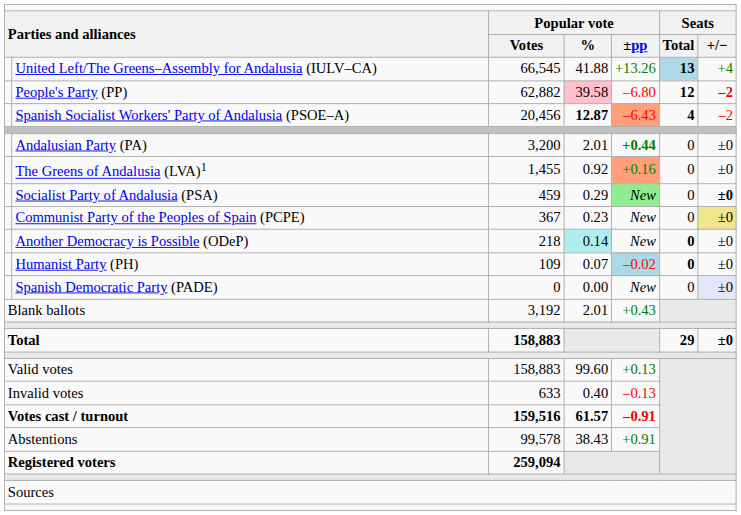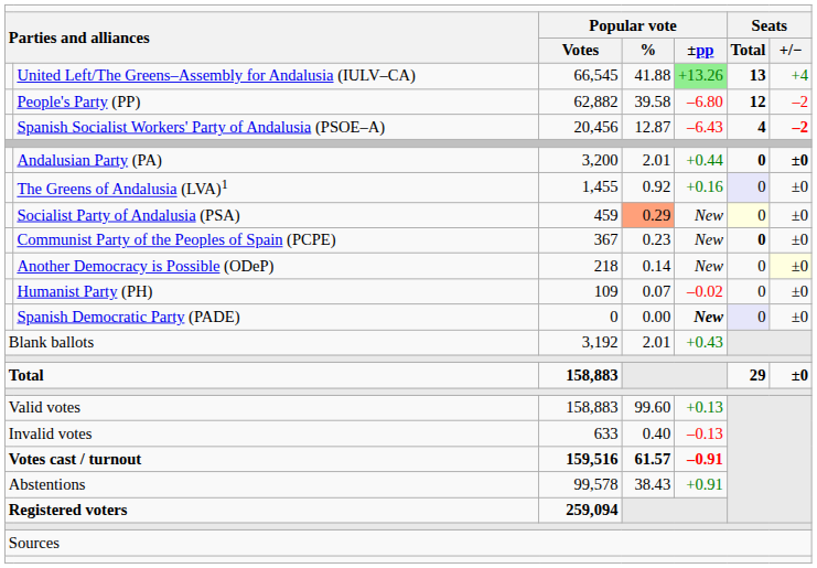 <table class="wikitable" style="text-align:right;">
 <tr>
 <td colspan="7"></td>
 </tr>
 <tr>
 <th style="text-align:left;" rowspan="2" colspan="2" width="525">Parties and alliances</th>
 <th colspan="3">Popular vote</th>
 <th colspan="2">Seats</th>
 </tr>
 <tr>
 <th width="75">Votes</th>
 <th width="45">%</th>
 <th width="45">±<a href='#'>pp</a></th>
 <th width="35">Total</th>
 <th width="35">+/−</th>
 </tr>
 <tr>
 <td width="1" style="color:inherit;background:"></td>
 <td align="left"><a href='#'>United Left/The Greens–Assembly for Andalusia</a> (IULV–CA)</td>
 <td>66,545</td>
 <td>41.88</td>
-<td style="color:green;">+13.26</td>
-<td style="background: lightblue;"><strong>13</strong></td>
+<td style="background: lightgreen; color:green;">+13.26</td>
+<td><strong>13</strong></td>
 <td style="color:green;">+4</td>
 </tr>
 <tr>
 <td style="color:inherit;background:"></td>
 <td align="left"><a href='#'>People's Party</a> (PP)</td>
 <td>62,882</td>
-<td style="background: pink;">39.58</td>
+<td>39.58</td>
 <td style="color:red;">–6.80</td>
 <td><strong>12</strong></td>
-<td style="color:red;"><strong>–2</strong></td>
+<td style="color:red;">–2</td>
 </tr>
 <tr>
 <td style="color:inherit;background:"></td>
 <td align="left"><a href='#'>Spanish Socialist Workers' Party of Andalusia</a> (PSOE–A)</td>
 <td>20,456</td>
-<td><strong>12.87</strong></td>
-<td style="background: lightsalmon; color:red;">–6.43</td>
+<td>12.87</td>
+<td style="color:red;">–6.43</td>
 <td><strong>4</strong></td>
-<td style="color:red;">–2</td>
+<td style="color:red;"><strong>–2</strong></td>
 </tr>
 <tr>
 <td colspan="7" bgcolor="#C0C0C0"></td>
 </tr>
 <tr>
 <td style="color:inherit;background:"></td>
 <td align="left"><a href='#'>Andalusian Party</a> (PA)</td>
 <td>3,200</td>
 <td>2.01</td>
-<td style="color:green;"><strong>+0.44</strong></td>
-<td>0</td>
-<td>±0</td>
+<td style="color:green;">+0.44</td>
+<td><strong>0</strong></td>
+<td><strong>±0</strong></td>
 </tr>
 <tr>
 <td style="color:inherit;background:"></td>
 <td align="left"><a href='#'>The Greens of Andalusia</a> (LVA)<sup>1</sup></td>
 <td>1,455</td>
 <td>0.92</td>
-<td style="background: lightsalmon; color:green;">+0.16</td>
-<td>0</td>
+<td style="color:green;">+0.16</td>
+<td style="background: lavender;">0</td>
 <td>±0</td>
 </tr>
 <tr>
 <td style="color:inherit;background:"></td>
 <td align="left"><a href='#'>Socialist Party of Andalusia</a> (PSA)</td>
 <td>459</td>
-<td>0.29</td>
-<td style="background: lightgreen;"><em>New</em></td>
-<td>0</td>
-<td><strong>±0</strong></td>
+<td style="background: lightsalmon;">0.29</td>
+<td><em>New</em></td>
+<td style="background: lightyellow;">0</td>
+<td>±0</td>
 </tr>
 <tr>
 <td style="color:inherit;background:"></td>
 <td align="left"><a href='#'>Communist Party of the Peoples of Spain</a> (PCPE)</td>
 <td>367</td>
 <td>0.23</td>
 <td><em>New</em></td>
-<td>0</td>
-<td style="background: khaki;">±0</td>
+<td><strong>0</strong></td>
+<td>±0</td>
 </tr>
 <tr>
 <td style="color:inherit;background:"></td>
 <td align="left"><a href='#'>Another Democracy is Possible</a> (ODeP)</td>
 <td>218</td>
-<td style="background: paleturquoise;">0.14</td>
+<td>0.14</td>
 <td><em>New</em></td>
-<td><strong>0</strong></td>
-<td>±0</td>
+<td>0</td>
+<td style="background: lightyellow;">±0</td>
 </tr>
 <tr>
 <td style="color:inherit;background:"></td>
 <td align="left"><a href='#'>Humanist Party</a> (PH)</td>
 <td>109</td>
 <td>0.07</td>
-<td style="background: lightblue; color:red;">–0.02</td>
-<td><strong>0</strong></td>
+<td style="color:red;">–0.02</td>
+<td>0</td>
 <td>±0</td>
 </tr>
 <tr>
 <td style="color:inherit;background:"></td>
 <td align="left"><a href='#'>Spanish Democratic Party</a> (PADE)</td>
 <td>0</td>
 <td>0.00</td>
-<td><em>New</em></td>
-<td>0</td>
-<td style="background: lavender;">±0</td>
+<td><strong><em>New</em></strong></td>
+<td style="background: lavender;">0</td>
+<td>±0</td>
 </tr>
 <tr>
 <td align="left" colspan="2">Blank ballots</td>
 <td>3,192</td>
 <td>2.01</td>
 <td style="color:green;">+0.43</td>
 <td bgcolor="#E9E9E9" colspan="2"></td>
 </tr>
 <tr>
 <td colspan="7" bgcolor="#E9E9E9"></td>
 </tr>
 <tr style="font-weight:bold;">
 <td align="left" colspan="2">Total</td>
 <td>158,883</td>
 <td bgcolor="#E9E9E9" colspan="2"></td>
 <td>29</td>
 <td>±0</td>
 </tr>
 <tr>
 <td colspan="7" bgcolor="#E9E9E9"></td>
 </tr>
 <tr>
 <td align="left" colspan="2">Valid votes</td>
 <td>158,883</td>
 <td>99.60</td>
 <td style="color:green;">+0.13</td>
 <td bgcolor="#E9E9E9" colspan="2" rowspan="5"></td>
 </tr>
 <tr>
 <td align="left" colspan="2">Invalid votes</td>
 <td>633</td>
 <td>0.40</td>
 <td style="color:red;">–0.13</td>
 </tr>
 <tr style="font-weight:bold;">
 <td align="left" colspan="2">Votes cast / turnout</td>
 <td>159,516</td>
 <td>61.57</td>
 <td style="color:red;">–0.91</td>
 </tr>
 <tr>
 <td align="left" colspan="2">Abstentions</td>
 <td>99,578</td>
 <td>38.43</td>
 <td style="color:green;">+0.91</td>
 </tr>
 <tr style="font-weight:bold;">
 <td align="left" colspan="2">Registered voters</td>
 <td>259,094</td>
 <td bgcolor="#E9E9E9" colspan="2"></td>
 </tr>
 <tr>
 <td colspan="7" bgcolor="#E9E9E9"></td>
 </tr>
 <tr>
 <td align="left" colspan="7">Sources</td>
 </tr>
 <tr>
 <td colspan="7" style="text-align:left; max-width:790px;"></td>
 </tr>
 </table>
